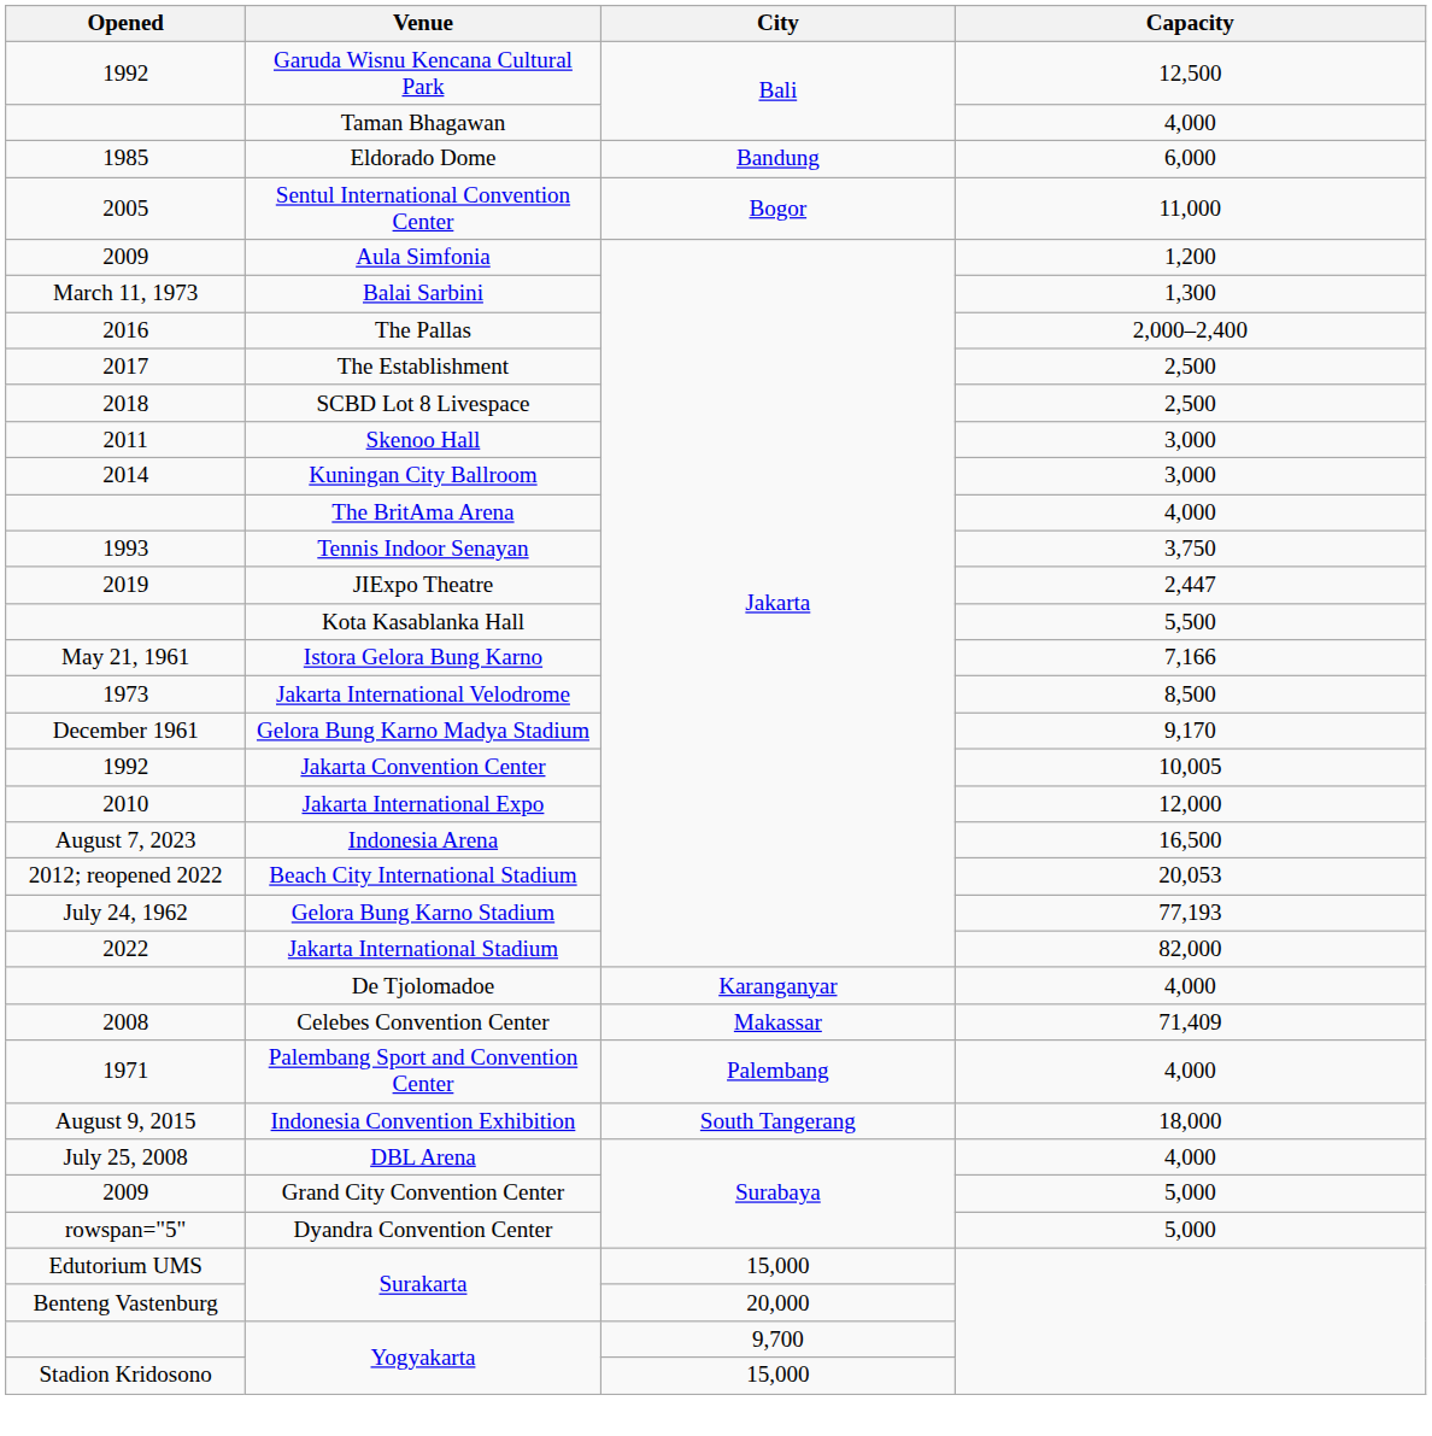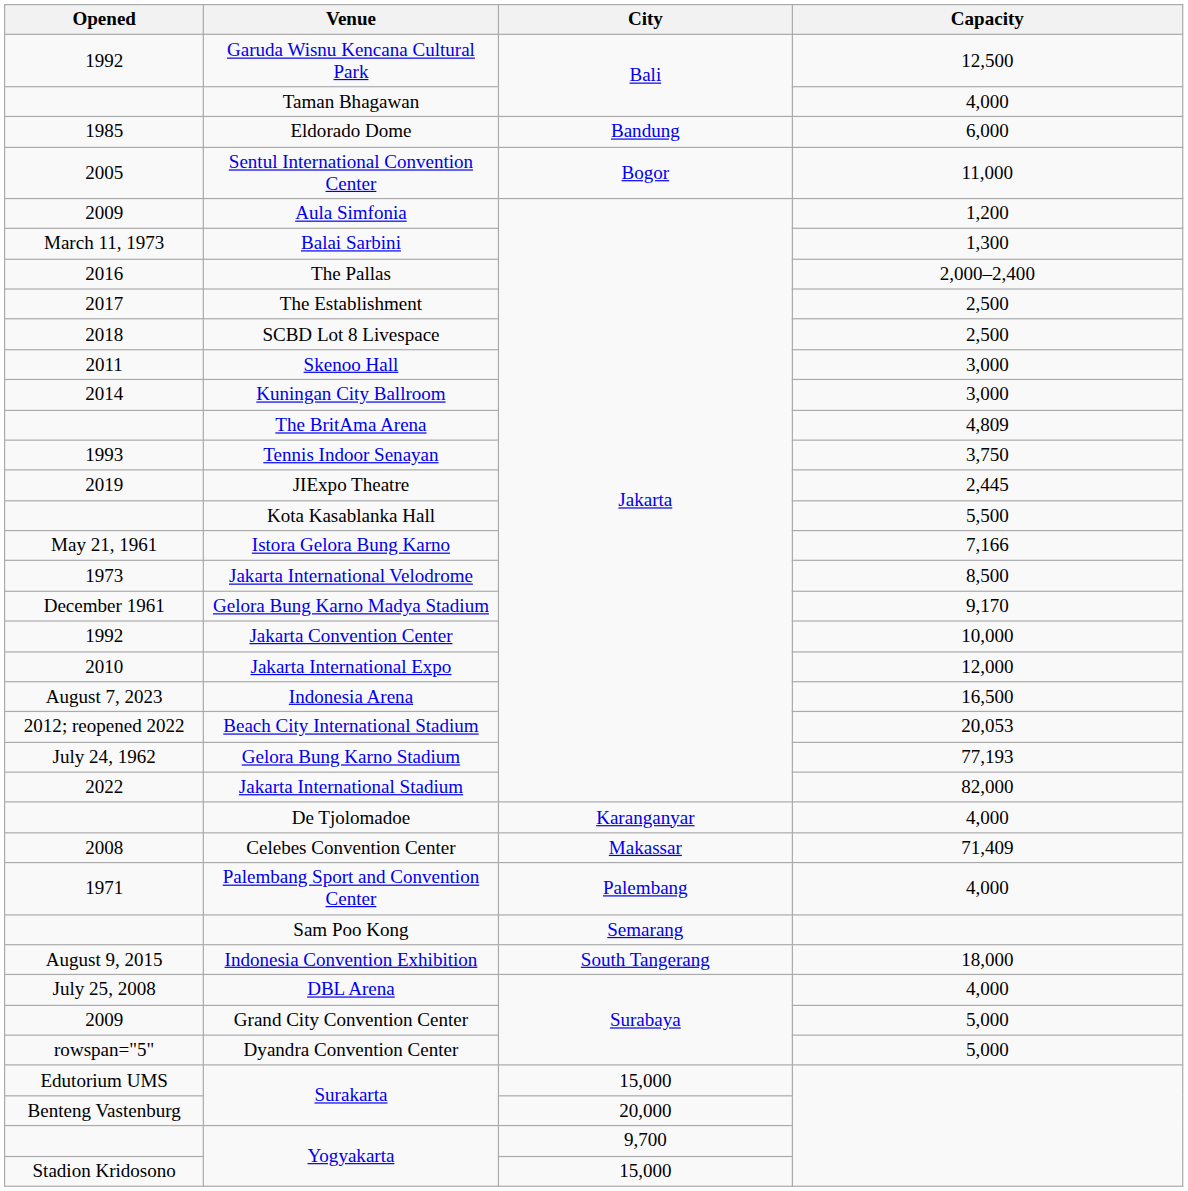 <table class="sortable wikitable" style="text-align:center;">
 <tr>
 <th scope="col" style="width:10em;">Opened</th>
 <th scope="col" style="width:15em;">Venue</th>
 <th scope="col" style="width:15em;">City</th>
 <th scope="col" style="width:20em;">Capacity</th>
 </tr>
 <tr>
 <td>1992</td>
 <td><a href='#'>Garuda Wisnu Kencana Cultural Park</a></td>
 <td rowspan="2"><a href='#'>Bali</a></td>
 <td>12,500</td>
 </tr>
 <tr>
 <td></td>
 <td>Taman Bhagawan</td>
 <td>4,000</td>
 </tr>
 <tr>
 <td>1985</td>
 <td>Eldorado Dome</td>
 <td><a href='#'>Bandung</a></td>
 <td>6,000</td>
 </tr>
 <tr>
 <td>2005</td>
 <td><a href='#'>Sentul International Convention Center</a></td>
 <td><a href='#'>Bogor</a></td>
 <td>11,000</td>
 </tr>
 <tr>
 <td>2009</td>
 <td><a href='#'>Aula Simfonia</a></td>
 <td rowspan="20"><a href='#'>Jakarta</a></td>
 <td>1,200</td>
 </tr>
 <tr>
 <td>March 11, 1973</td>
 <td><a href='#'>Balai Sarbini</a></td>
 <td>1,300</td>
 </tr>
 <tr>
 <td>2016</td>
 <td>The Pallas</td>
 <td>2,000–2,400</td>
 </tr>
 <tr>
 <td>2017</td>
 <td>The Establishment</td>
 <td>2,500</td>
 </tr>
 <tr>
 <td>2018</td>
 <td>SCBD Lot 8 Livespace</td>
 <td>2,500</td>
 </tr>
 <tr>
 <td>2011</td>
 <td><a href='#'>Skenoo Hall</a></td>
 <td>3,000</td>
 </tr>
 <tr>
 <td>2014</td>
 <td><a href='#'>Kuningan City Ballroom</a></td>
 <td>3,000</td>
 </tr>
 <tr>
 <td></td>
 <td><a href='#'>The BritAma Arena</a></td>
-<td>4,000</td>
+<td>4,809</td>
 </tr>
 <tr>
 <td>1993</td>
 <td><a href='#'>Tennis Indoor Senayan</a></td>
 <td>3,750</td>
 </tr>
 <tr>
 <td>2019</td>
 <td>JIExpo Theatre</td>
-<td>2,447</td>
+<td>2,445</td>
 </tr>
 <tr>
 <td></td>
 <td>Kota Kasablanka Hall</td>
 <td>5,500</td>
 </tr>
 <tr>
 <td>May 21, 1961</td>
 <td><a href='#'>Istora Gelora Bung Karno</a></td>
 <td>7,166</td>
 </tr>
 <tr>
 <td>1973</td>
 <td><a href='#'>Jakarta International Velodrome</a></td>
 <td>8,500</td>
 </tr>
 <tr>
 <td>December 1961</td>
 <td><a href='#'>Gelora Bung Karno Madya Stadium</a></td>
 <td>9,170</td>
 </tr>
 <tr>
 <td>1992</td>
 <td><a href='#'>Jakarta Convention Center</a></td>
-<td>10,005</td>
+<td>10,000</td>
 </tr>
 <tr>
 <td>2010</td>
 <td><a href='#'>Jakarta International Expo</a></td>
 <td>12,000</td>
 </tr>
 <tr>
 <td>August 7, 2023</td>
 <td><a href='#'>Indonesia Arena</a></td>
 <td>16,500</td>
 </tr>
 <tr>
 <td>2012; reopened 2022</td>
 <td><a href='#'>Beach City International Stadium</a></td>
 <td>20,053</td>
 </tr>
 <tr>
 <td>July 24, 1962</td>
 <td><a href='#'>Gelora Bung Karno Stadium</a></td>
 <td>77,193</td>
 </tr>
 <tr>
 <td>2022</td>
 <td><a href='#'>Jakarta International Stadium</a></td>
 <td>82,000</td>
 </tr>
 <tr>
 <td></td>
 <td>De Tjolomadoe</td>
 <td><a href='#'>Karanganyar</a></td>
 <td>4,000</td>
 </tr>
 <tr>
 <td>2008</td>
 <td>Celebes Convention Center</td>
 <td><a href='#'>Makassar</a></td>
 <td>71,409</td>
 </tr>
 <tr>
 <td>1971</td>
 <td><a href='#'>Palembang Sport and Convention Center</a></td>
 <td><a href='#'>Palembang</a></td>
 <td>4,000</td>
 </tr>
 <tr>
+<td></td>
+<td>Sam Poo Kong</td>
+<td><a href='#'>Semarang</a></td>
+<td></td>
+</tr>
+<tr>
 <td>August 9, 2015</td>
 <td><a href='#'>Indonesia Convention Exhibition</a></td>
 <td><a href='#'>South Tangerang</a></td>
 <td>18,000</td>
 </tr>
 <tr>
 <td>July 25, 2008</td>
 <td><a href='#'>DBL Arena</a></td>
 <td rowspan="3"><a href='#'>Surabaya</a></td>
 <td>4,000</td>
 </tr>
 <tr>
 <td>2009</td>
 <td>Grand City Convention Center</td>
 <td>5,000</td>
 </tr>
 <tr>
 <td>rowspan="5" </td>
 <td>Dyandra Convention Center</td>
 <td>5,000</td>
 </tr>
 <tr>
 <td>Edutorium UMS</td>
 <td rowspan="2"><a href='#'>Surakarta</a></td>
 <td>15,000</td>
 </tr>
 <tr>
 <td>Benteng Vastenburg</td>
 <td>20,000</td>
 </tr>
 <tr>
 <td></td>
 <td rowspan="2"><a href='#'>Yogyakarta</a></td>
 <td>9,700</td>
 </tr>
 <tr>
 <td>Stadion Kridosono</td>
 <td>15,000</td>
 </tr>
 </table>
